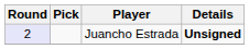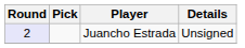 <table class="wikitable sortable sortable">
 <tr>
 <th>Round</th>
 <th>Pick</th>
 <th>Player</th>
 <th>Details</th>
 </tr>
 <tr style="text-align: center">
 <td style="background: lavender;">2</td>
 <td></td>
 <td>Juancho Estrada</td>
-<td><strong>Unsigned</strong></td>
+<td>Unsigned</td>
 </tr>
 <tr>
 </tr>
 </table>
